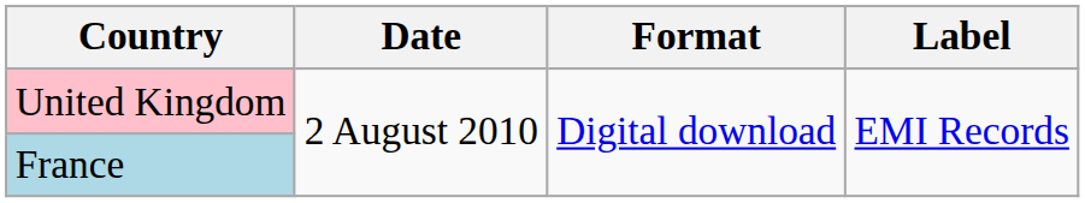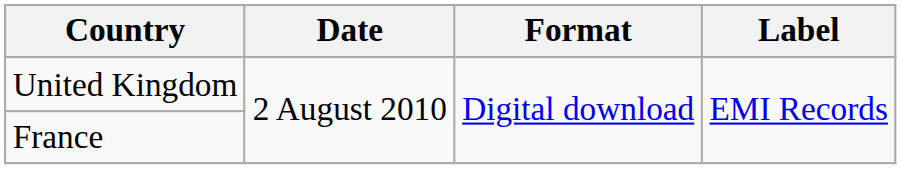 <table class="wikitable">
 <tr>
 <th>Country</th>
 <th>Date</th>
 <th>Format</th>
 <th>Label</th>
 </tr>
 <tr>
-<td style="background: pink;">United Kingdom</td>
+<td>United Kingdom</td>
 <td rowspan="2">2 August 2010</td>
 <td rowspan="2"><a href='#'>Digital download</a></td>
 <td rowspan="2"><a href='#'>EMI Records</a></td>
 </tr>
 <tr>
-<td style="background: lightblue;">France</td>
+<td>France</td>
 </tr>
 </table>
